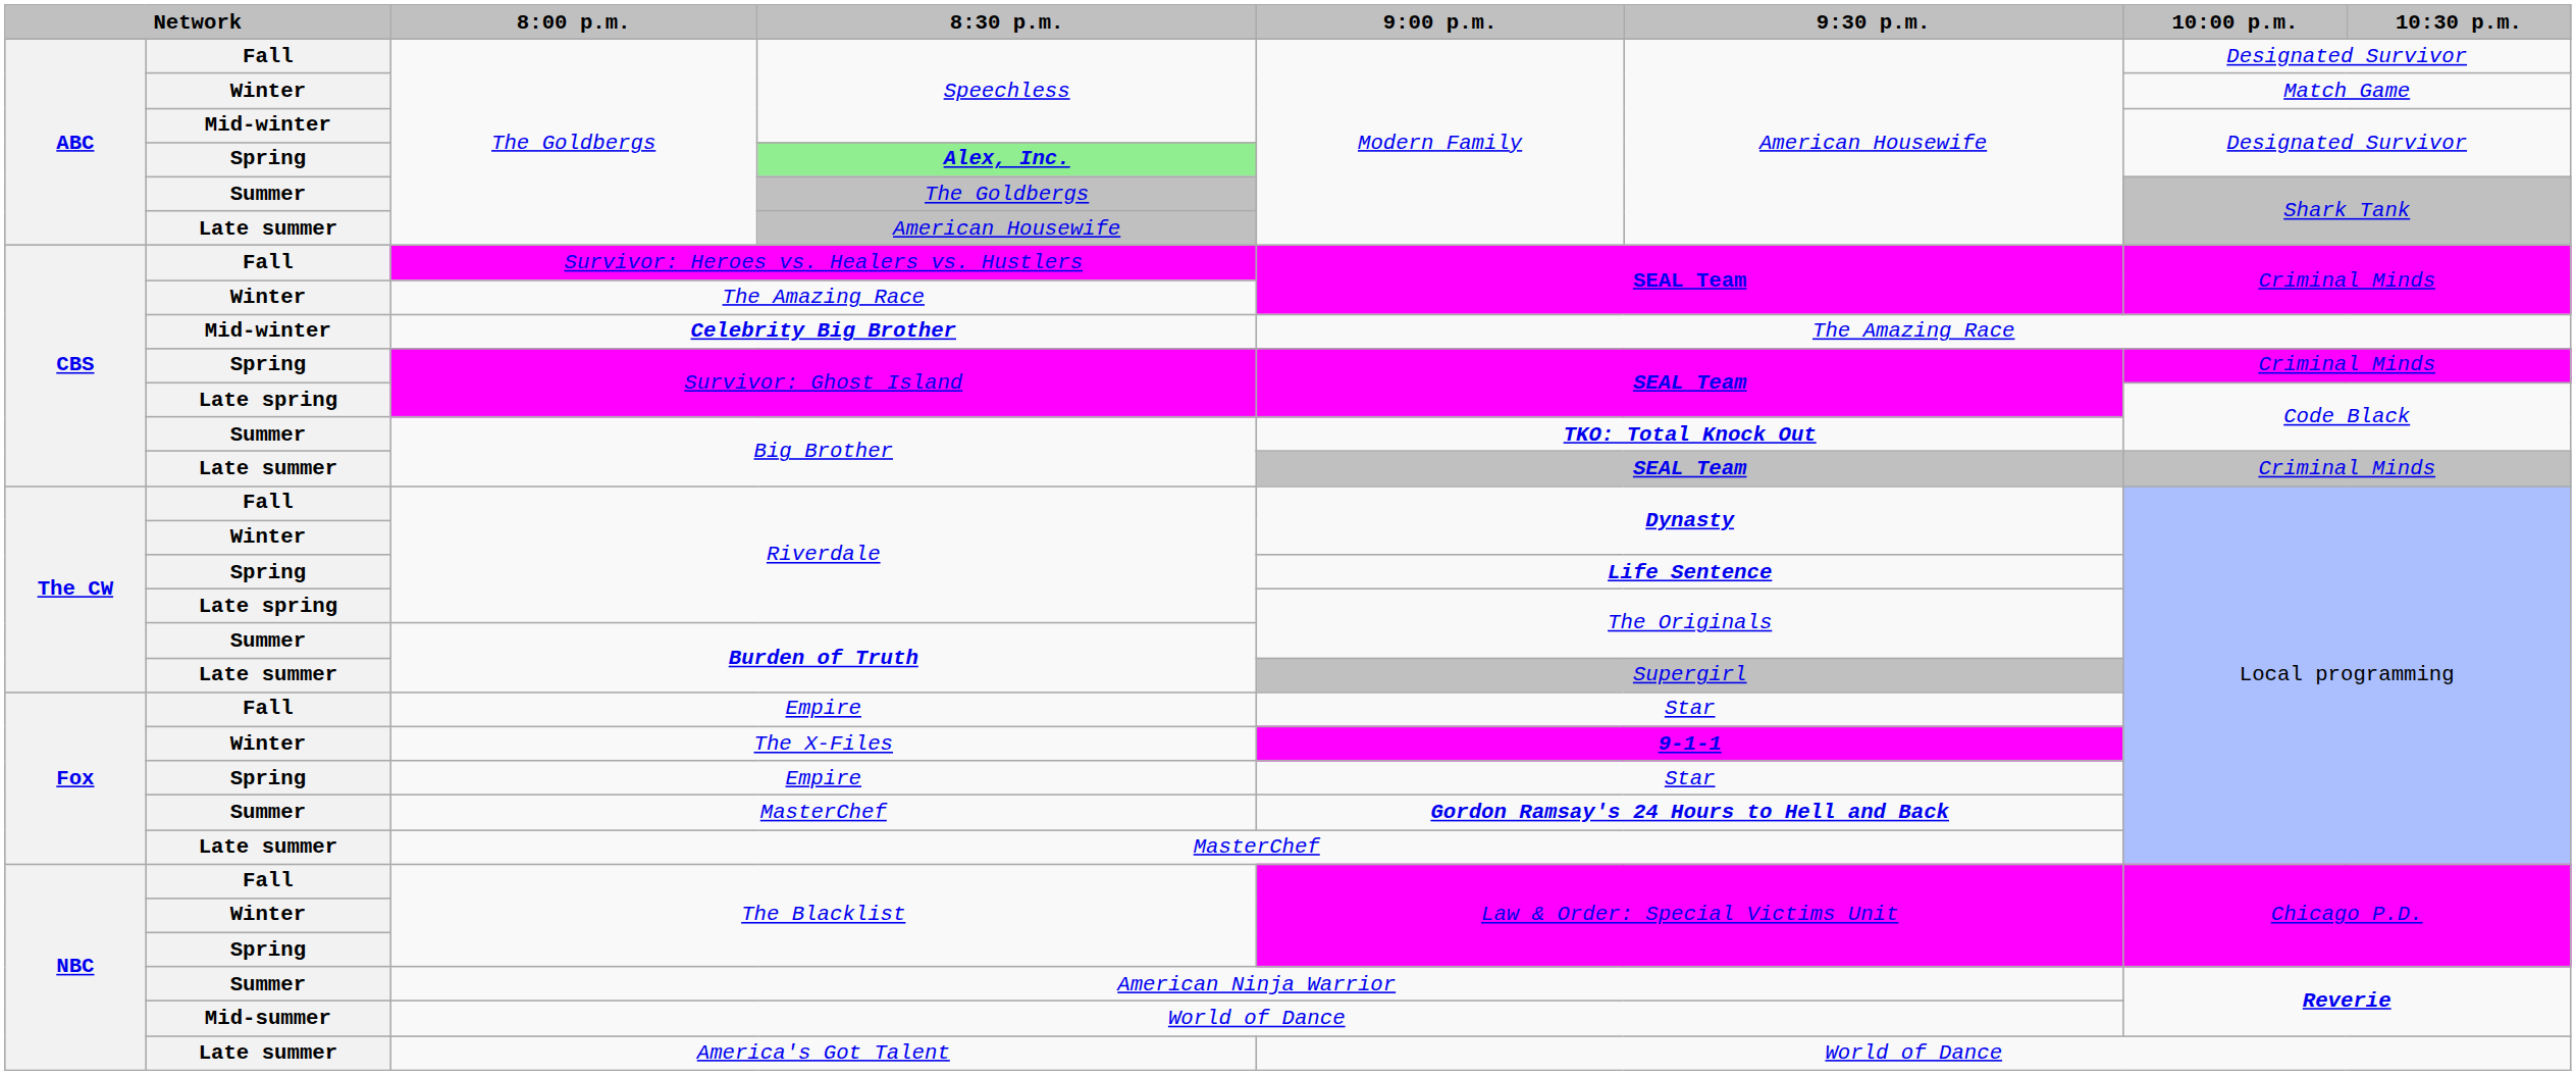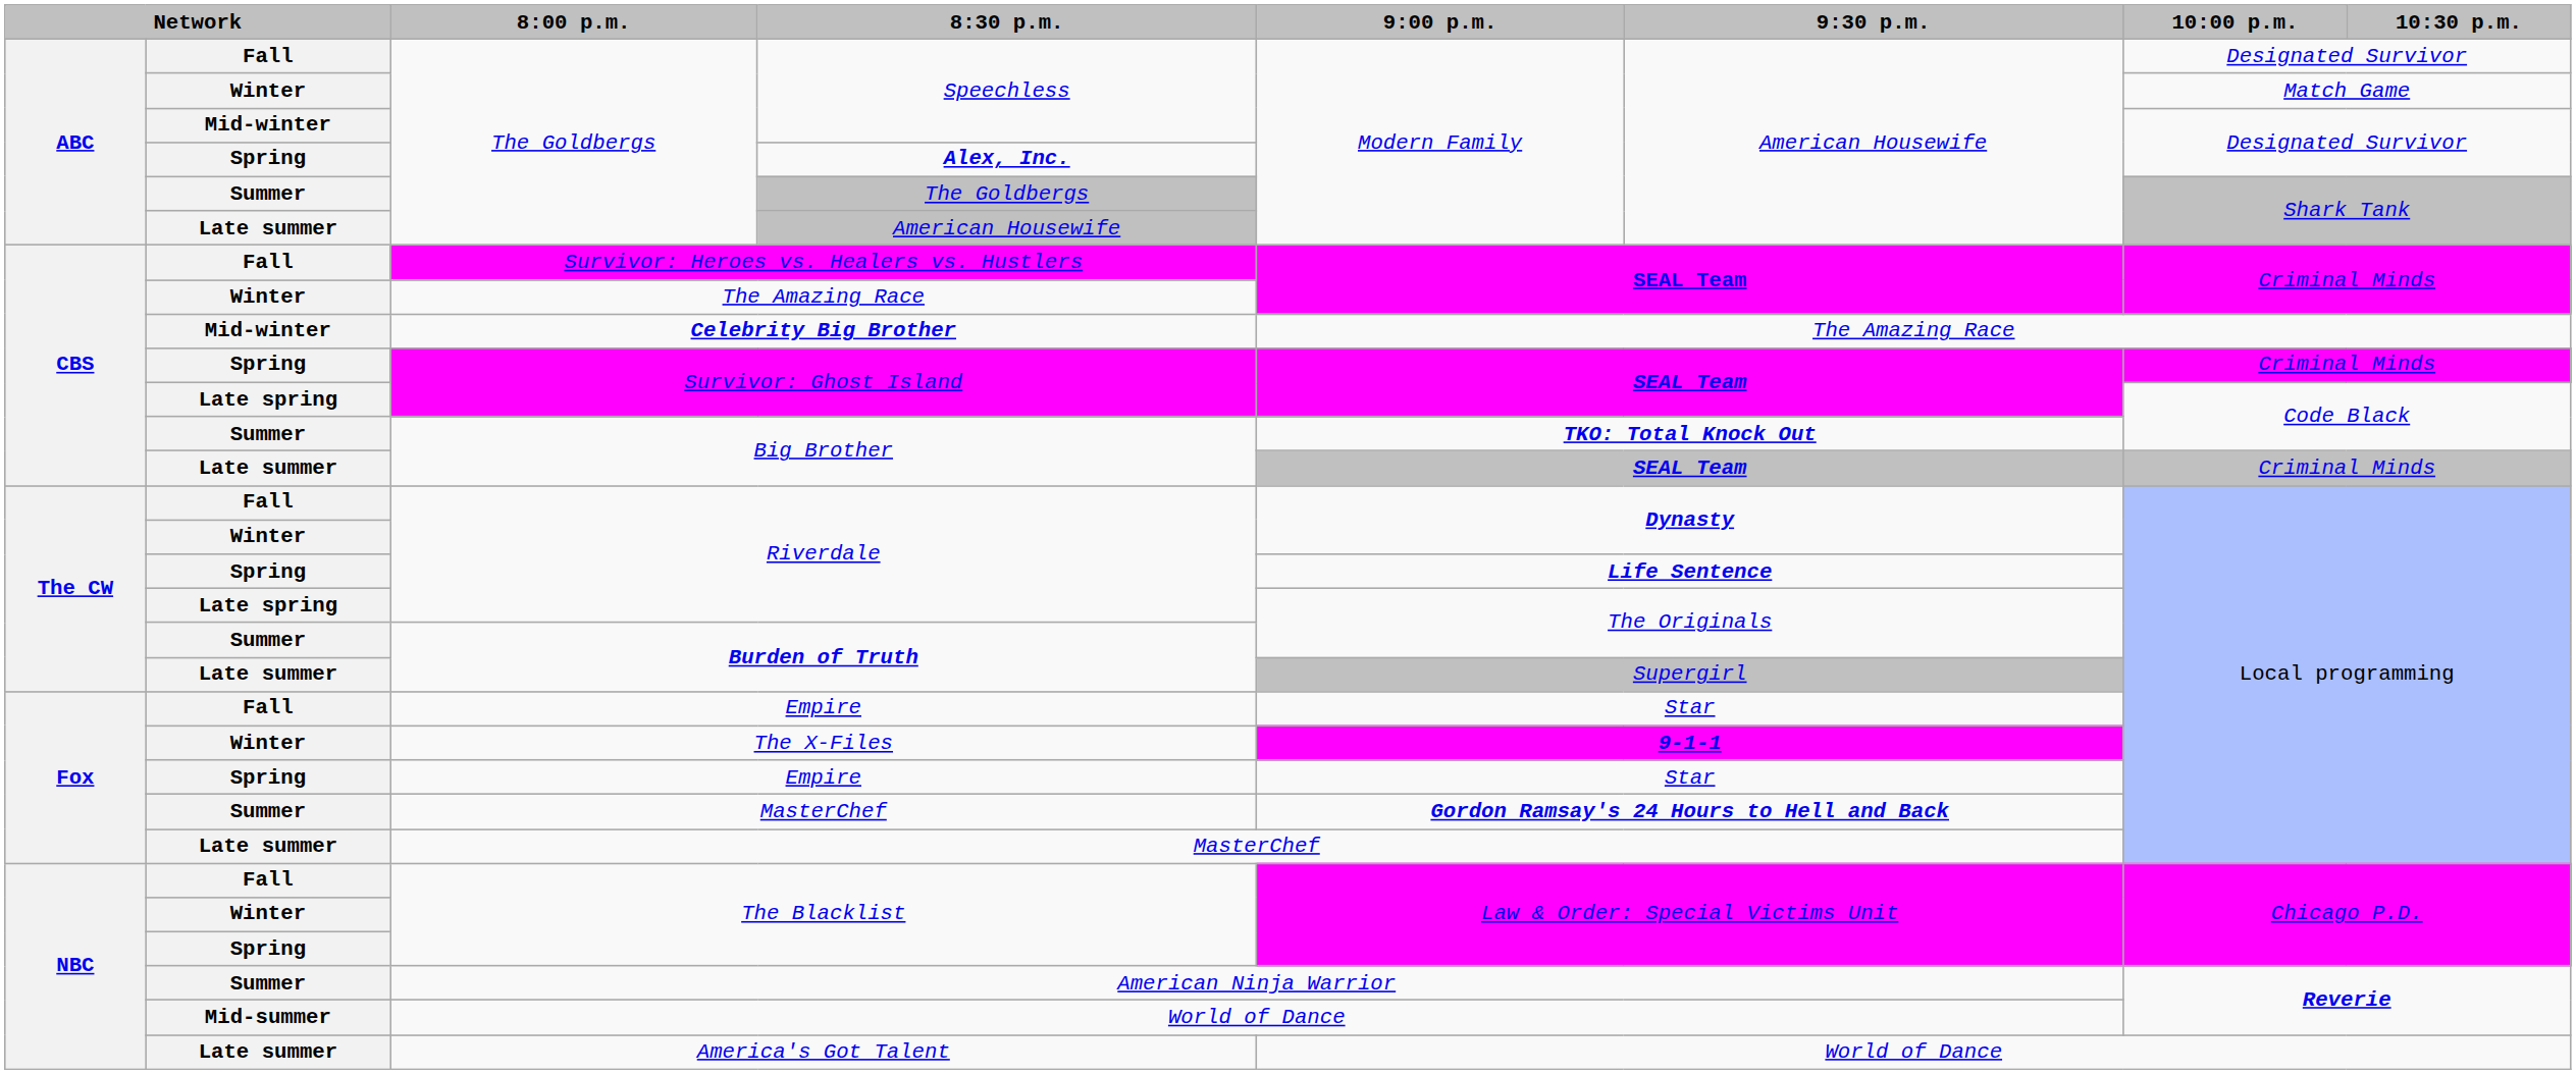 <table class="wikitable" style="width:100%;margin-right:0;text-align:center">
 <tr>
 <th colspan="2" style="background-color:#C0C0C0;text-align:center">Network</th>
 <th style="background-color:#C0C0C0;text-align:center">8:00 p.m.</th>
 <th style="background-color:#C0C0C0;text-align:center">8:30 p.m.</th>
 <th style="background-color:#C0C0C0;text-align:center">9:00 p.m.</th>
 <th style="background-color:#C0C0C0;text-align:center">9:30 p.m.</th>
 <th style="background-color:#C0C0C0;text-align:center">10:00 p.m.</th>
 <th style="background-color:#C0C0C0;text-align:center">10:30 p.m.</th>
 </tr>
 <tr>
 <th rowspan="6"><a href='#'>ABC</a></th>
 <th>Fall</th>
 <td rowspan="6"><em><a href='#'>The Goldbergs</a></em></td>
 <td rowspan="3"><em><a href='#'>Speechless</a></em></td>
 <td rowspan="6"><em><a href='#'>Modern Family</a></em></td>
 <td rowspan="6"><em><a href='#'>American Housewife</a></em></td>
 <td colspan="2"><em><a href='#'>Designated Survivor</a></em></td>
 </tr>
 <tr>
 <th>Winter</th>
 <td colspan="2"><em><a href='#'>Match Game</a></em></td>
 </tr>
 <tr>
 <th>Mid-winter</th>
 <td rowspan="2" colspan="2"><em><a href='#'>Designated Survivor</a></em></td>
 </tr>
 <tr>
 <th>Spring</th>
-<td style="background: lightgreen;"><strong><em><a href='#'>Alex, Inc.</a></em></strong></td>
+<td><strong><em><a href='#'>Alex, Inc.</a></em></strong></td>
 </tr>
 <tr>
 <th>Summer</th>
 <td style="background:#C0C0C0;"><em><a href='#'>The Goldbergs</a></em> </td>
 <td style="background:#C0C0C0;" rowspan="2" colspan="3"><em><a href='#'>Shark Tank</a></em> </td>
 </tr>
 <tr>
 <th>Late summer</th>
 <td style="background:#C0C0C0;"><em><a href='#'>American Housewife</a></em> </td>
 </tr>
 <tr>
 <th rowspan="7"><a href='#'>CBS</a></th>
 <th>Fall</th>
 <td colspan="2" style="background:#FF00FF;"><em><a href='#'>Survivor: Heroes vs. Healers vs. Hustlers</a></em> </td>
 <td rowspan="2" colspan="2" style="background:#FF00FF;"><strong><a href='#'>SEAL Team</a></strong> </td>
 <td rowspan="2" colspan="2" style="background:#FF00FF;"><em><a href='#'>Criminal Minds</a></em> </td>
 </tr>
 <tr>
 <th>Winter</th>
 <td colspan="2"><em><a href='#'>The Amazing Race</a></em></td>
 </tr>
 <tr>
 <th>Mid-winter</th>
 <td colspan="2"><strong><em><a href='#'>Celebrity Big Brother</a></em></strong></td>
 <td colspan="4"><em><a href='#'>The Amazing Race</a></em></td>
 </tr>
 <tr>
 <th>Spring</th>
 <td rowspan="2" colspan="2" style="background:#FF00FF;"><em><a href='#'>Survivor: Ghost Island</a></em> </td>
 <td rowspan="2" colspan="2" style="background:#FF00FF;"><strong><em><a href='#'>SEAL Team</a></em></strong> </td>
 <td colspan="2" style="background:#FF00FF;"><em><a href='#'>Criminal Minds</a></em> </td>
 </tr>
 <tr>
 <th>Late spring</th>
 <td rowspan="2" colspan="2"><em><a href='#'>Code Black</a></em></td>
 </tr>
 <tr>
 <th>Summer</th>
 <td rowspan="2" colspan="2"><em><a href='#'>Big Brother</a></em></td>
 <td colspan="2"><strong><em><a href='#'>TKO: Total Knock Out</a></em></strong></td>
 </tr>
 <tr>
 <th>Late summer</th>
 <td style="background:#C0C0C0;" colspan="2"><strong><em><a href='#'>SEAL Team</a></em></strong> </td>
 <td style="background:#C0C0C0;" colspan="2"><em><a href='#'>Criminal Minds</a></em> </td>
 </tr>
 <tr>
 <th rowspan="6"><a href='#'>The CW</a></th>
 <th>Fall</th>
 <td rowspan="4" colspan="2"><em><a href='#'>Riverdale</a></em></td>
 <td rowspan="2" colspan="2"><strong><em><a href='#'>Dynasty</a></em></strong></td>
 <td rowspan="11" colspan="2" style="background:#abbfff;">Local programming</td>
 </tr>
 <tr>
 <th>Winter</th>
 </tr>
 <tr>
 <th>Spring</th>
 <td colspan="2"><strong><em><a href='#'>Life Sentence</a></em></strong></td>
 </tr>
 <tr>
 <th>Late spring</th>
 <td rowspan="2" colspan="2"><em><a href='#'>The Originals</a></em></td>
 </tr>
 <tr>
 <th>Summer</th>
 <td rowspan="2" colspan="2"><strong><em><a href='#'>Burden of Truth</a></em></strong></td>
 </tr>
 <tr>
 <th>Late summer</th>
 <td style="background:#C0C0C0;" colspan="2"><em><a href='#'>Supergirl</a></em> </td>
 </tr>
 <tr>
 <th rowspan="5"><a href='#'>Fox</a></th>
 <th>Fall</th>
 <td colspan="2"><em><a href='#'>Empire</a></em></td>
 <td colspan="2"><em><a href='#'>Star</a></em></td>
 </tr>
 <tr>
 <th>Winter</th>
 <td colspan="2"><em><a href='#'>The X-Files</a></em></td>
 <td colspan="2" style="background:#FF00FF;"><strong><em><a href='#'>9-1-1</a></em></strong> </td>
 </tr>
 <tr>
 <th>Spring</th>
 <td colspan="2"><em><a href='#'>Empire</a></em></td>
 <td colspan="2"><em><a href='#'>Star</a></em></td>
 </tr>
 <tr>
 <th>Summer</th>
 <td colspan="2"><em><a href='#'>MasterChef</a></em></td>
 <td colspan="2"><strong><em><a href='#'>Gordon Ramsay's 24 Hours to Hell and Back</a></em></strong></td>
 </tr>
 <tr>
 <th>Late summer</th>
 <td colspan="4"><em><a href='#'>MasterChef</a></em></td>
 </tr>
 <tr>
 <th rowspan="6"><a href='#'>NBC</a></th>
 <th>Fall</th>
 <td rowspan="3" colspan="2"><em><a href='#'>The Blacklist</a></em></td>
 <td rowspan="3" colspan="2" style="background:#FF00FF;"><em><a href='#'>Law & Order: Special Victims Unit</a></em> </td>
 <td rowspan="3" colspan="2" style="background:#FF00FF;"><em><a href='#'>Chicago P.D.</a></em> </td>
 </tr>
 <tr>
 <th>Winter</th>
 </tr>
 <tr>
 <th>Spring</th>
 </tr>
 <tr>
 <th>Summer</th>
 <td colspan="4"><em><a href='#'>American Ninja Warrior</a></em></td>
 <td rowspan="2" colspan="2"><strong><em><a href='#'>Reverie</a></em></strong></td>
 </tr>
 <tr>
 <th>Mid-summer</th>
 <td colspan="4"><em><a href='#'>World of Dance</a></em></td>
 </tr>
 <tr>
 <th>Late summer</th>
 <td colspan="2"><em><a href='#'>America's Got Talent</a></em></td>
 <td colspan="4"><em><a href='#'>World of Dance</a></em></td>
 </tr>
 </table>
